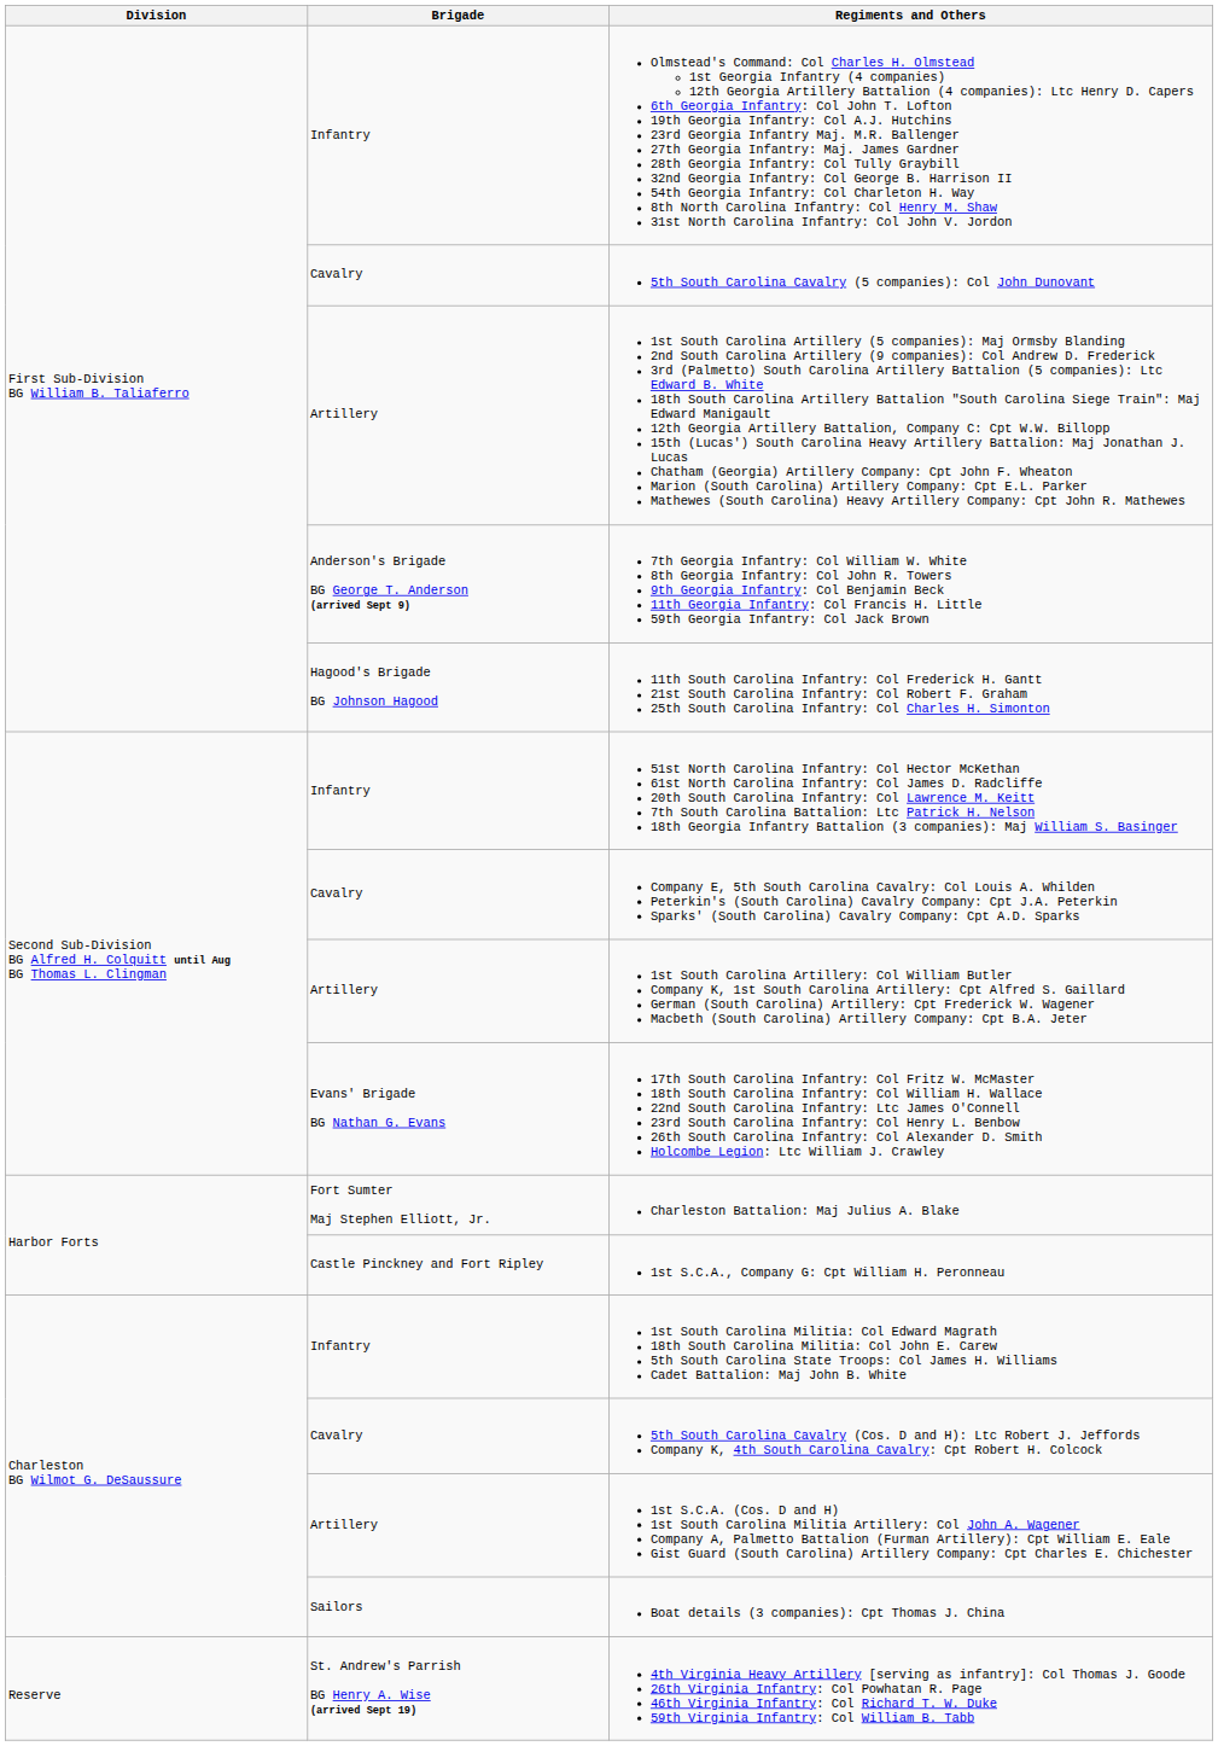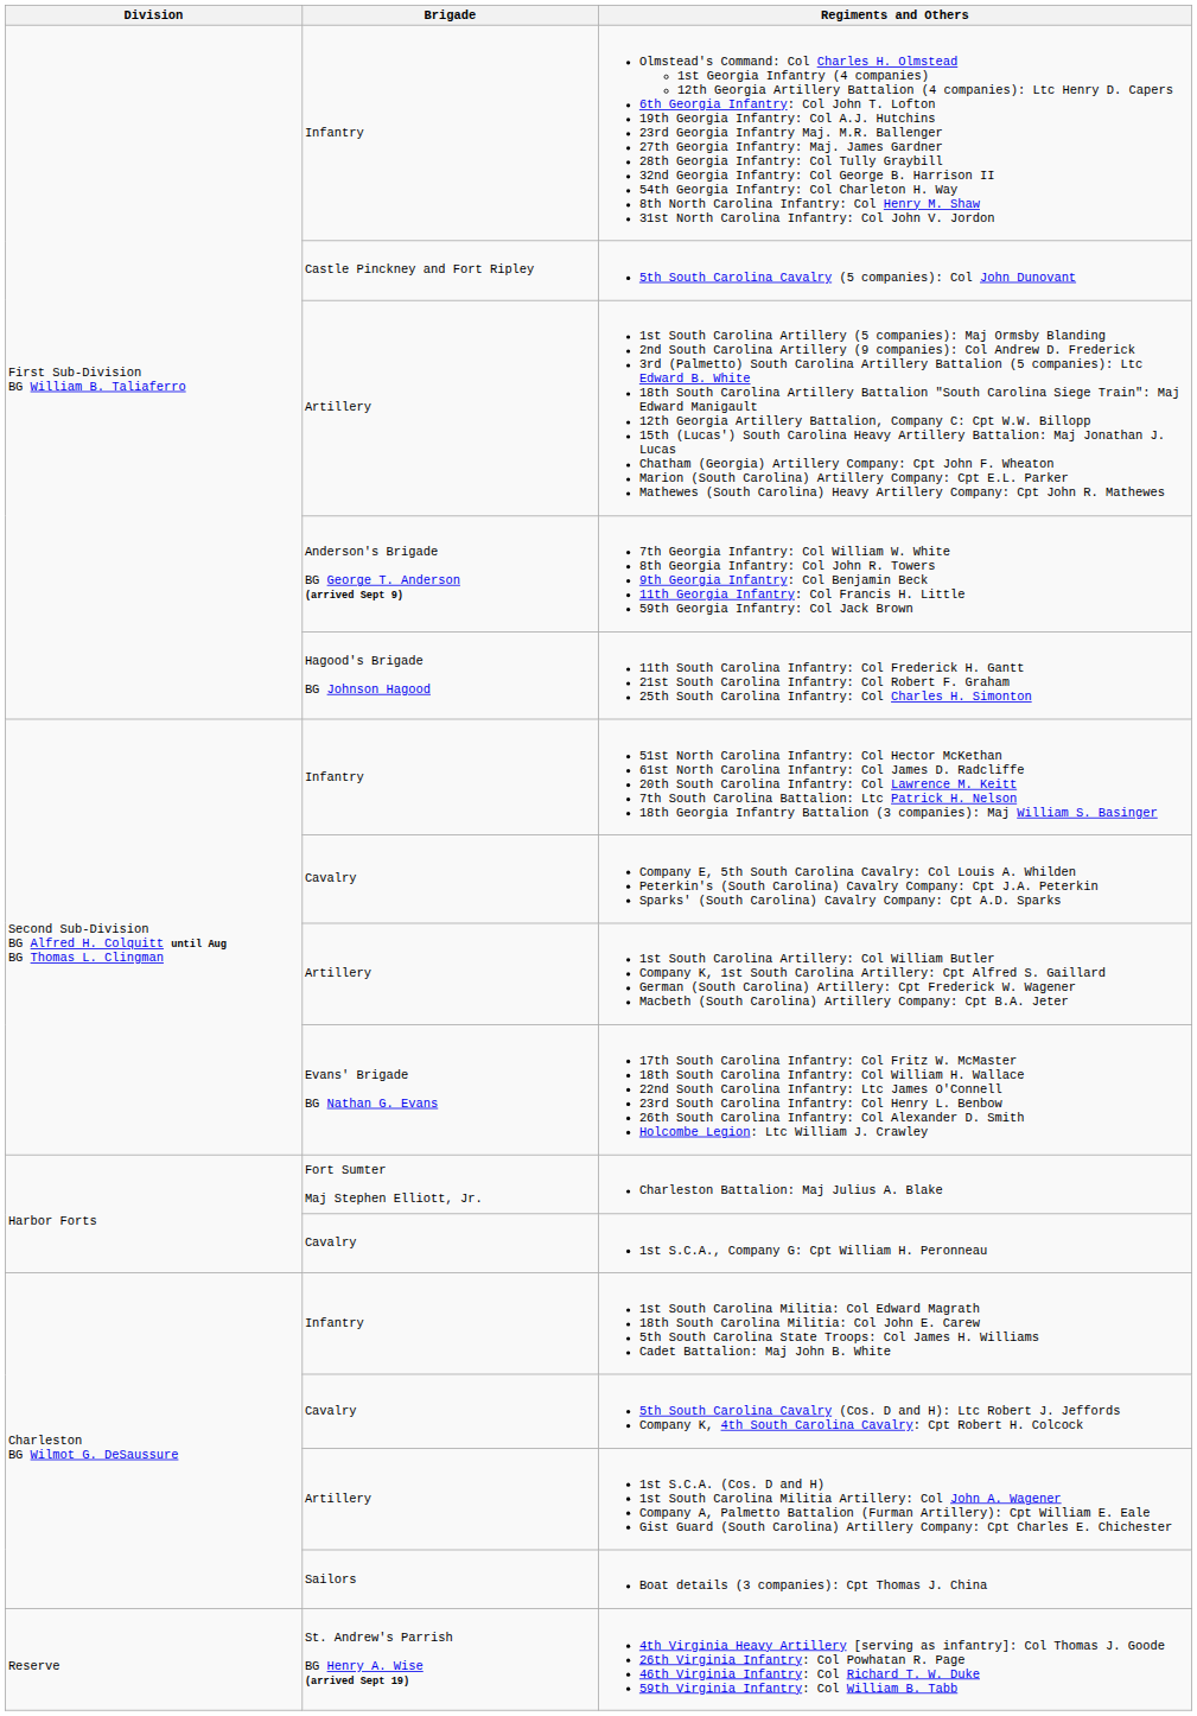 <table class="wikitable">
 <tr>
 <th width=25%>Division</th>
 <th width=25%>Brigade</th>
 <th>Regiments and Others</th>
 </tr>
 <tr>
 <td rowspan=5><br>First Sub-Division<br>BG <a href='#'>William B. Taliaferro</a></td>
 <td>Infantry</td>
 <td><br><ul><li>Olmstead's Command: Col <a href='#'>Charles H. Olmstead</a><ul><li>1st Georgia Infantry (4 companies)</li><li>12th Georgia Artillery Battalion (4 companies): Ltc Henry D. Capers</li></ul></li><li><a href='#'>6th Georgia Infantry</a>: Col John T. Lofton</li><li>19th Georgia Infantry: Col A.J. Hutchins</li><li>23rd Georgia Infantry Maj. M.R. Ballenger</li><li>27th Georgia Infantry: Maj. James Gardner</li><li>28th Georgia Infantry: Col Tully Graybill</li><li>32nd Georgia Infantry: Col George B. Harrison II</li><li>54th Georgia Infantry: Col Charleton H. Way</li><li>8th North Carolina Infantry: Col <a href='#'>Henry M. Shaw</a></li><li>31st North Carolina Infantry: Col John V. Jordon</li></ul></td>
 </tr>
 <tr>
-<td>Cavalry</td>
+<td>Castle Pinckney and Fort Ripley</td>
 <td><br><ul><li><a href='#'>5th South Carolina Cavalry</a> (5 companies): Col <a href='#'>John Dunovant</a></li></ul></td>
 </tr>
 <tr>
 <td>Artillery</td>
 <td><br><ul><li>1st South Carolina Artillery (5 companies): Maj Ormsby Blanding</li><li>2nd South Carolina Artillery (9 companies): Col Andrew D. Frederick</li><li>3rd (Palmetto) South Carolina Artillery Battalion (5 companies): Ltc <a href='#'>Edward B. White</a></li><li>18th South Carolina Artillery Battalion "South Carolina Siege Train": Maj Edward Manigault</li><li>12th Georgia Artillery Battalion, Company C: Cpt W.W. Billopp</li><li>15th (Lucas') South Carolina Heavy Artillery Battalion: Maj Jonathan J. Lucas</li><li>Chatham (Georgia) Artillery Company: Cpt John F. Wheaton</li><li>Marion (South Carolina) Artillery Company: Cpt E.L. Parker</li><li>Mathewes (South Carolina) Heavy Artillery Company: Cpt John R. Mathewes</li></ul></td>
 </tr>
 <tr>
 <td>Anderson's Brigade<br><br> BG <a href='#'>George T. Anderson</a><br><small><strong>(arrived Sept 9)</strong></small></td>
 <td><br><ul><li>7th Georgia Infantry: Col William W. White</li><li>8th Georgia Infantry: Col John R. Towers</li><li><a href='#'>9th Georgia Infantry</a>: Col Benjamin Beck</li><li><a href='#'>11th Georgia Infantry</a>: Col Francis H. Little</li><li>59th Georgia Infantry: Col Jack Brown</li></ul></td>
 </tr>
 <tr>
 <td>Hagood's Brigade<br><br> BG <a href='#'>Johnson Hagood</a></td>
 <td><br><ul><li>11th South Carolina Infantry: Col Frederick H. Gantt</li><li>21st South Carolina Infantry: Col Robert F. Graham</li><li>25th South Carolina Infantry: Col <a href='#'>Charles H. Simonton</a></li></ul></td>
 </tr>
 <tr>
 <td rowspan=4><br>Second Sub-Division <br> BG <a href='#'>Alfred H. Colquitt</a> <small><strong>until Aug</strong></small><br> BG <a href='#'>Thomas L. Clingman</a></td>
 <td>Infantry</td>
 <td><br><ul><li>51st North Carolina Infantry: Col Hector McKethan</li><li>61st North Carolina Infantry: Col James D. Radcliffe</li><li>20th South Carolina Infantry: Col <a href='#'>Lawrence M. Keitt</a></li><li>7th South Carolina Battalion: Ltc <a href='#'>Patrick H. Nelson</a></li><li>18th Georgia Infantry Battalion (3 companies): Maj <a href='#'>William S. Basinger</a></li></ul></td>
 </tr>
 <tr>
 <td>Cavalry</td>
 <td><br><ul><li>Company E, 5th South Carolina Cavalry: Col Louis A. Whilden</li><li>Peterkin's (South Carolina) Cavalry Company: Cpt J.A. Peterkin</li><li>Sparks' (South Carolina) Cavalry Company: Cpt A.D. Sparks</li></ul></td>
 </tr>
 <tr>
 <td>Artillery</td>
 <td><br><ul><li>1st South Carolina Artillery: Col William Butler</li><li>Company K, 1st South Carolina Artillery: Cpt Alfred S. Gaillard</li><li>German (South Carolina) Artillery: Cpt Frederick W. Wagener</li><li>Macbeth (South Carolina) Artillery Company: Cpt B.A. Jeter</li></ul></td>
 </tr>
 <tr>
 <td>Evans' Brigade<br><br> BG <a href='#'>Nathan G. Evans</a></td>
 <td><br><ul><li>17th South Carolina Infantry: Col Fritz W. McMaster</li><li>18th South Carolina Infantry: Col William H. Wallace</li><li>22nd South Carolina Infantry: Ltc James O'Connell</li><li>23rd South Carolina Infantry: Col Henry L. Benbow</li><li>26th South Carolina Infantry: Col Alexander D. Smith</li><li><a href='#'>Holcombe Legion</a>: Ltc William J. Crawley</li></ul></td>
 </tr>
 <tr>
 <td rowspan=2><br>Harbor Forts</td>
 <td>Fort Sumter<br><br> Maj Stephen Elliott, Jr.</td>
 <td><br><ul><li>Charleston Battalion: Maj Julius A. Blake</li></ul></td>
 </tr>
 <tr>
-<td>Castle Pinckney and Fort Ripley</td>
+<td>Cavalry</td>
 <td><br><ul><li>1st S.C.A., Company G: Cpt William H. Peronneau</li></ul></td>
 </tr>
 <tr>
 <td rowspan=4><br>Charleston<br>BG <a href='#'>Wilmot G. DeSaussure</a></td>
 <td>Infantry</td>
 <td><br><ul><li>1st South Carolina Militia: Col Edward Magrath</li><li>18th South Carolina Militia: Col John E. Carew</li><li>5th South Carolina State Troops: Col James H. Williams</li><li>Cadet Battalion: Maj John B. White</li></ul></td>
 </tr>
 <tr>
 <td>Cavalry</td>
 <td><br><ul><li><a href='#'>5th South Carolina Cavalry</a> (Cos. D and H): Ltc Robert J. Jeffords</li><li>Company K, <a href='#'>4th South Carolina Cavalry</a>: Cpt Robert H. Colcock</li></ul></td>
 </tr>
 <tr>
 <td>Artillery</td>
 <td><br><ul><li>1st S.C.A. (Cos. D and H)</li><li>1st South Carolina Militia Artillery: Col <a href='#'>John A. Wagener</a></li><li>Company A, Palmetto Battalion (Furman Artillery): Cpt William E. Eale</li><li>Gist Guard (South Carolina) Artillery Company: Cpt Charles E. Chichester</li></ul></td>
 </tr>
 <tr>
 <td>Sailors</td>
 <td><br><ul><li>Boat details (3 companies): Cpt Thomas J. China</li></ul></td>
 </tr>
 <tr>
 <td rowspan=1><br>Reserve</td>
 <td>St. Andrew's Parrish<br><br> BG <a href='#'>Henry A. Wise</a><br><small><strong>(arrived Sept 19)</strong></small></td>
 <td><br><ul><li><a href='#'>4th Virginia Heavy Artillery</a> [serving as infantry]: Col Thomas J. Goode</li><li><a href='#'>26th Virginia Infantry</a>: Col Powhatan R. Page</li><li><a href='#'>46th Virginia Infantry</a>: Col <a href='#'>Richard T. W. Duke</a></li><li><a href='#'>59th Virginia Infantry</a>: Col <a href='#'>William B. Tabb</a></li></ul></td>
 </tr>
 </table>
